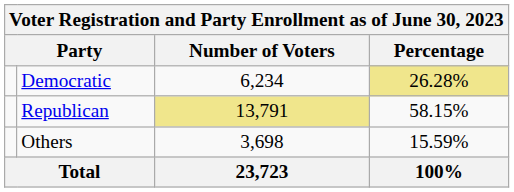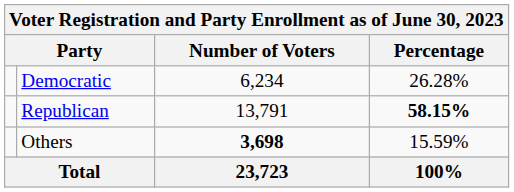 <table class=wikitable>
 <tr>
 <th colspan = 6>Voter Registration and Party Enrollment as of June 30, 2023</th>
 </tr>
 <tr>
 <th colspan = 2>Party</th>
 <th>Number of Voters</th>
 <th>Percentage</th>
 </tr>
 <tr>
 <td></td>
 <td><a href='#'>Democratic</a></td>
 <td align = center>6,234</td>
-<td align = center style="background: khaki;">26.28%</td>
+<td align = center>26.28%</td>
 </tr>
 <tr>
 <td></td>
 <td><a href='#'>Republican</a></td>
-<td align = center style="background: khaki;">13,791</td>
-<td align = center>58.15%</td>
+<td align = center>13,791</td>
+<td align = center><strong>58.15%</strong></td>
 </tr>
 <tr>
 <td></td>
 <td>Others</td>
-<td align = center>3,698</td>
+<td align = center><strong>3,698</strong></td>
 <td align = center>15.59%</td>
 </tr>
 <tr>
 <th colspan = 2>Total</th>
 <th align = center>23,723</th>
 <th align = center>100%</th>
 </tr>
 </table>
